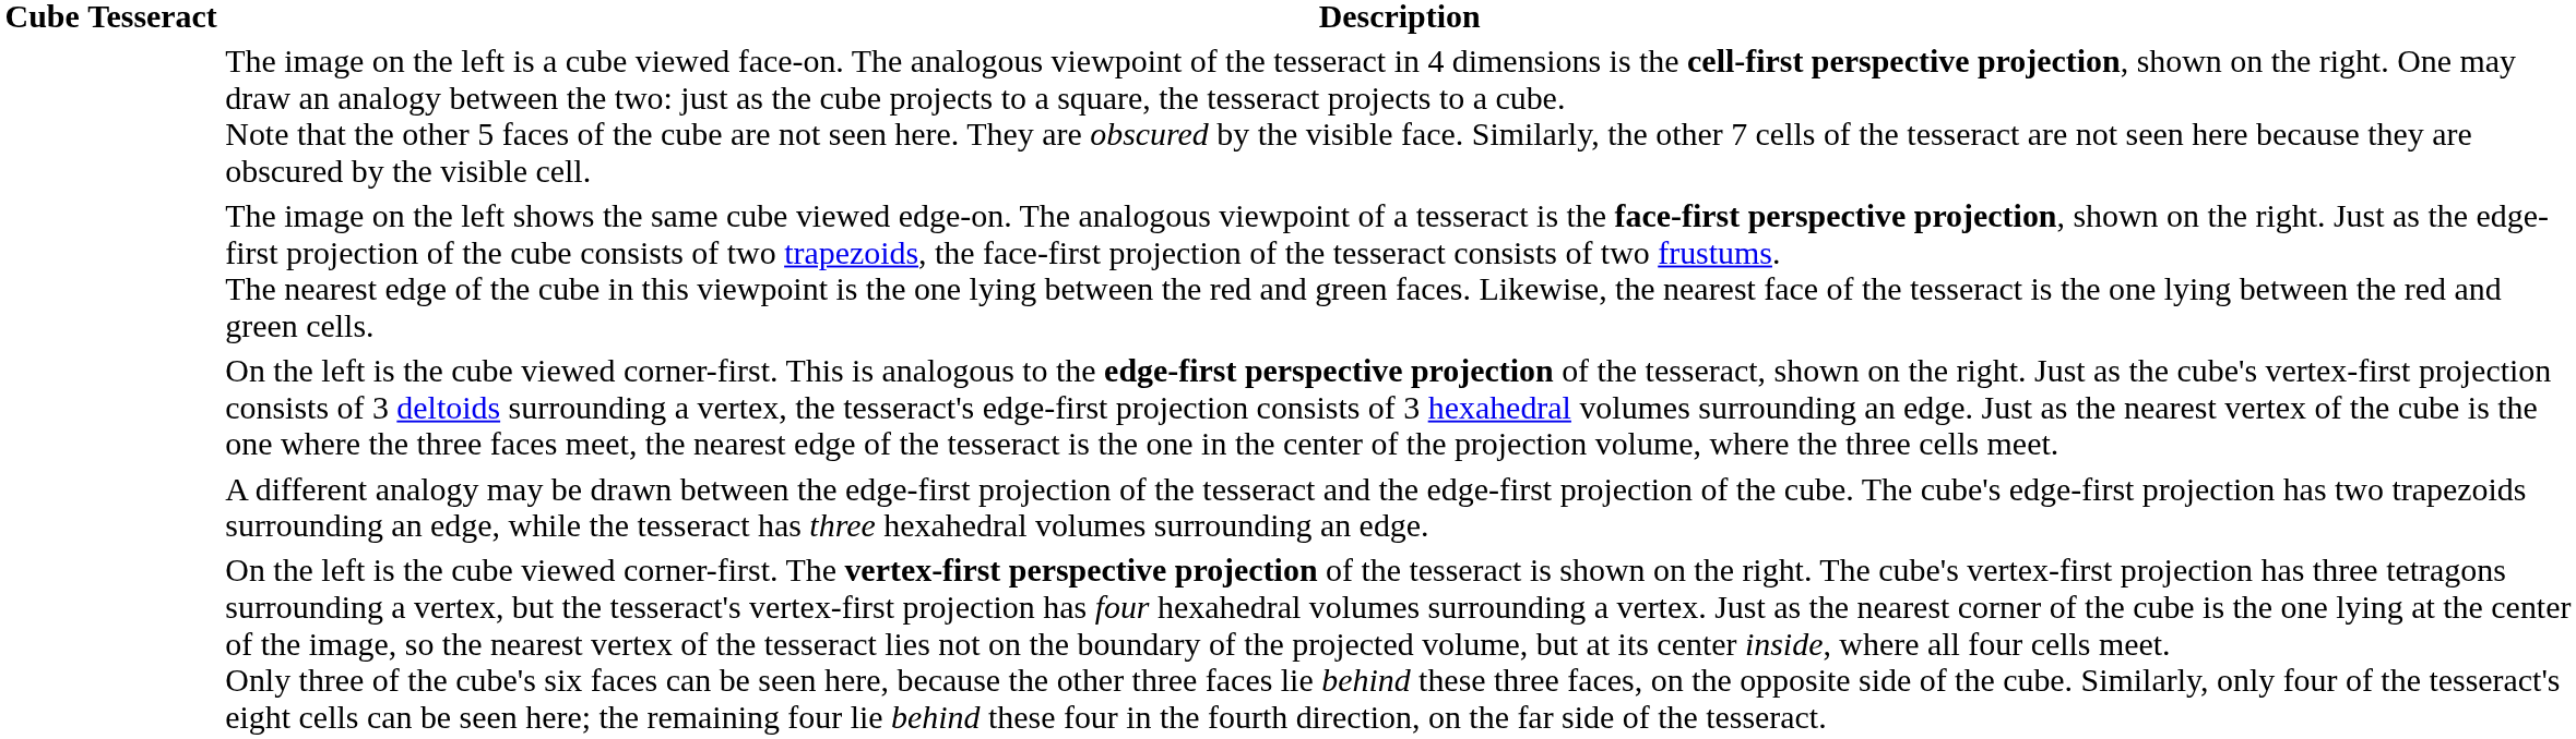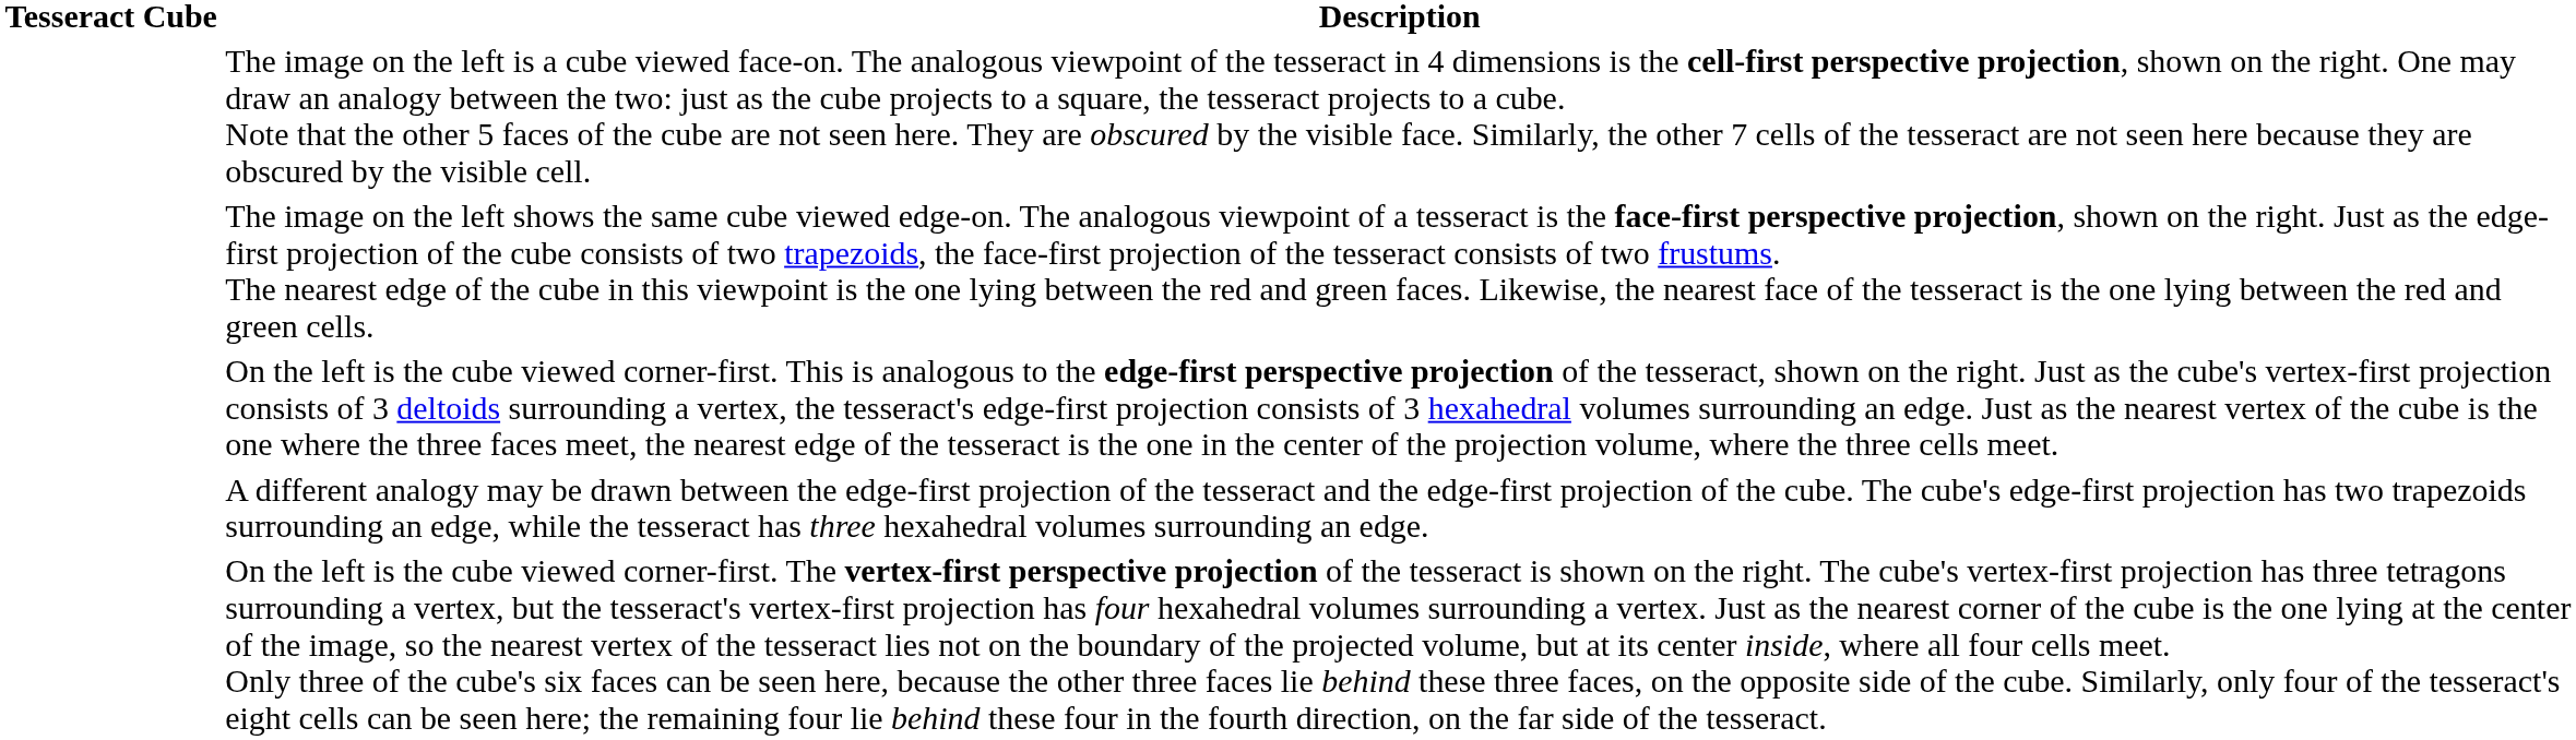 <table class=" wiki table">
 <tr>
+<th>Tesseract</th>
 <th>Cube</th>
-<th>Tesseract</th>
 <th>Description</th>
 </tr>
 <tr>
 <td></td>
 <td></td>
 <td>The image on the left is a cube viewed face-on. The analogous viewpoint of the tesseract in 4 dimensions is the <strong>cell-first perspective projection</strong>, shown on the right. One may draw an analogy between the two: just as the cube projects to a square, the tesseract projects to a cube.<br>Note that the other 5 faces of the cube are not seen here. They are <em>obscured</em> by the visible face. Similarly, the other 7 cells of the tesseract are not seen here because they are obscured by the visible cell.</td>
 </tr>
 <tr>
 <td></td>
 <td></td>
 <td>The image on the left shows the same cube viewed edge-on. The analogous viewpoint of a tesseract is the <strong>face-first perspective projection</strong>, shown on the right. Just as the edge-first projection of the cube consists of two <a href='#'>trapezoids</a>, the face-first projection of the tesseract consists of two <a href='#'>frustums</a>.<br>The nearest edge of the cube in this viewpoint is the one lying between the red and green faces. Likewise, the nearest face of the tesseract is the one lying between the red and green cells.</td>
 </tr>
 <tr>
 <td></td>
 <td></td>
 <td>On the left is the cube viewed corner-first. This is analogous to the <strong>edge-first perspective projection</strong> of the tesseract, shown on the right. Just as the cube's vertex-first projection consists of 3 <a href='#'>deltoids</a> surrounding a vertex, the tesseract's edge-first projection consists of 3 <a href='#'>hexahedral</a> volumes surrounding an edge. Just as the nearest vertex of the cube is the one where the three faces meet, the nearest edge of the tesseract is the one in the center of the projection volume, where the three cells meet.</td>
 </tr>
 <tr>
 <td></td>
 <td></td>
 <td>A different analogy may be drawn between the edge-first projection of the tesseract and the edge-first projection of the cube. The cube's edge-first projection has two trapezoids surrounding an edge, while the tesseract has <em>three</em> hexahedral volumes surrounding an edge.</td>
 </tr>
 <tr>
 <td></td>
 <td></td>
 <td>On the left is the cube viewed corner-first. The <strong>vertex-first perspective projection</strong> of the tesseract is shown on the right. The cube's vertex-first projection has three tetragons surrounding a vertex, but the tesseract's vertex-first projection has <em>four</em> hexahedral volumes surrounding a vertex. Just as the nearest corner of the cube is the one lying at the center of the image, so the nearest vertex of the tesseract lies not on the boundary of the projected volume, but at its center <em>inside</em>, where all four cells meet.<br>Only three of the cube's six faces can be seen here, because the other three faces lie <em>behind</em> these three faces, on the opposite side of the cube. Similarly, only four of the tesseract's eight cells can be seen here; the remaining four lie <em>behind</em> these four in the fourth direction, on the far side of the tesseract.</td>
 </tr>
 </table>
